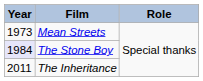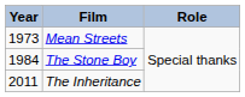 <table class="wikitable" style="font-size:95%;">
 <tr>
 <th style="background:#B0C4DE;">Year</th>
 <th style="background:#B0C4DE;">Film</th>
 <th style="background:#B0C4DE;">Role</th>
 </tr>
 <tr>
 <td>1973</td>
 <td><em><a href='#'>Mean Streets</a></em></td>
 <td rowspan=3>Special thanks</td>
 </tr>
 <tr>
-<td style="background: lavender;">1984</td>
+<td>1984</td>
 <td><em><a href='#'>The Stone Boy</a></em></td>
 </tr>
 <tr>
 <td>2011</td>
 <td><em>The Inheritance</em></td>
 </tr>
 </table>
